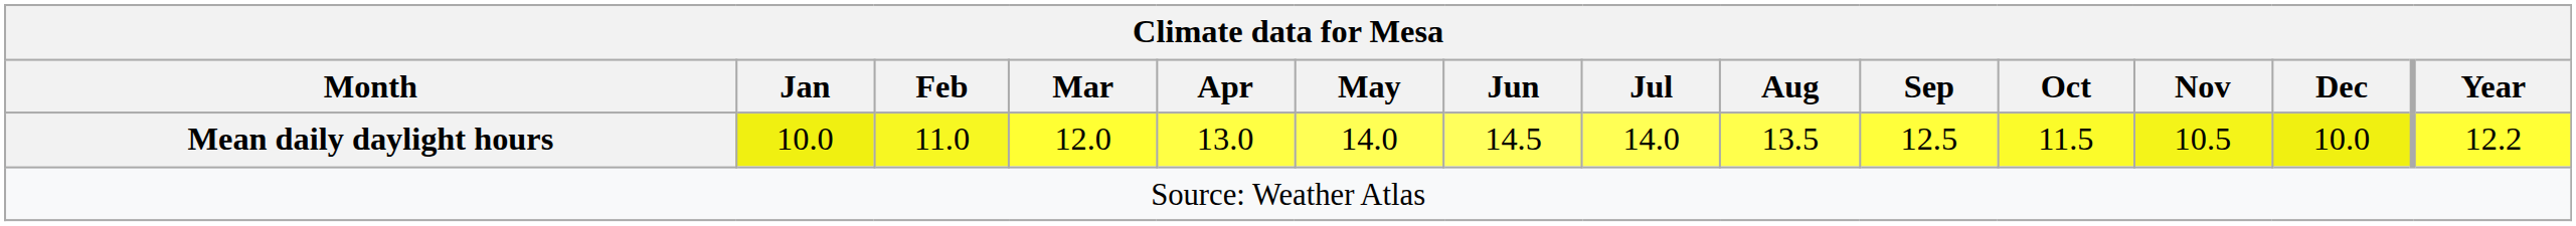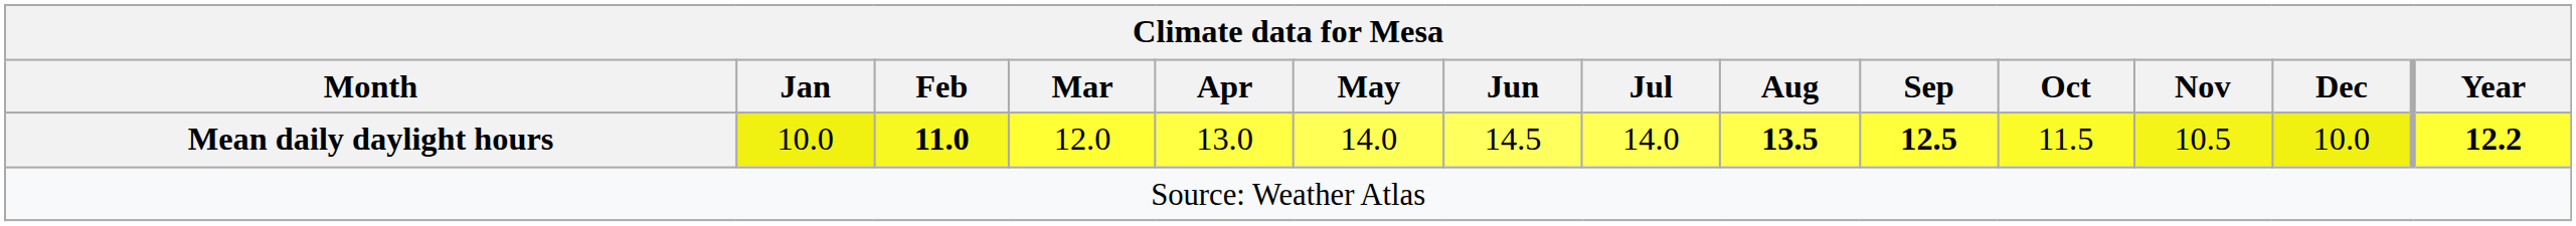 <table style="width:100%;text-align:center;line-height:1.2em;margin-left:auto;margin-right:auto" class="wikitable mw-collapsible">
 <tr>
 <th Colspan=14>Climate data for Mesa</th>
 </tr>
 <tr>
 <th>Month</th>
 <th>Jan</th>
 <th>Feb</th>
 <th>Mar</th>
 <th>Apr</th>
 <th>May</th>
 <th>Jun</th>
 <th>Jul</th>
 <th>Aug</th>
 <th>Sep</th>
 <th>Oct</th>
 <th>Nov</th>
 <th>Dec</th>
 <th style="border-left-width:medium">Year</th>
 </tr>
 <tr>
 <th>Mean daily daylight hours</th>
 <td style="background:#F0F011;color:#000000;">10.0</td>
-<td style="background:#F7F722;color:#000000;">11.0</td>
+<td style="background:#F7F722;color:#000000;"><strong>11.0</strong></td>
 <td style="background:#FFFF33;color:#000000;">12.0</td>
 <td style="background:#FFFF44;color:#000000;">13.0</td>
 <td style="background:#FFFF55;color:#000000;">14.0</td>
 <td style="background:#FFFF5D;color:#000000;">14.5</td>
 <td style="background:#FFFF55;color:#000000;">14.0</td>
-<td style="background:#FFFF4C;color:#000000;">13.5</td>
-<td style="background:#FFFF3B;color:#000000;">12.5</td>
+<td style="background:#FFFF4C;color:#000000;"><strong>13.5</strong></td>
+<td style="background:#FFFF3B;color:#000000;"><strong>12.5</strong></td>
 <td style="background:#FBFB2A;color:#000000;">11.5</td>
 <td style="background:#F4F419;color:#000000;">10.5</td>
 <td style="background:#F0F011;color:#000000;">10.0</td>
-<td style="background:#FFFF36;color:#000000;border-left-width:medium">12.2</td>
+<td style="background:#FFFF36;color:#000000;border-left-width:medium"><strong>12.2</strong></td>
 </tr>
 <tr>
 <th Colspan=14 style="background:#f8f9fa;font-weight:normal;font-size:95%;">Source: Weather Atlas </th>
 </tr>
 </table>
